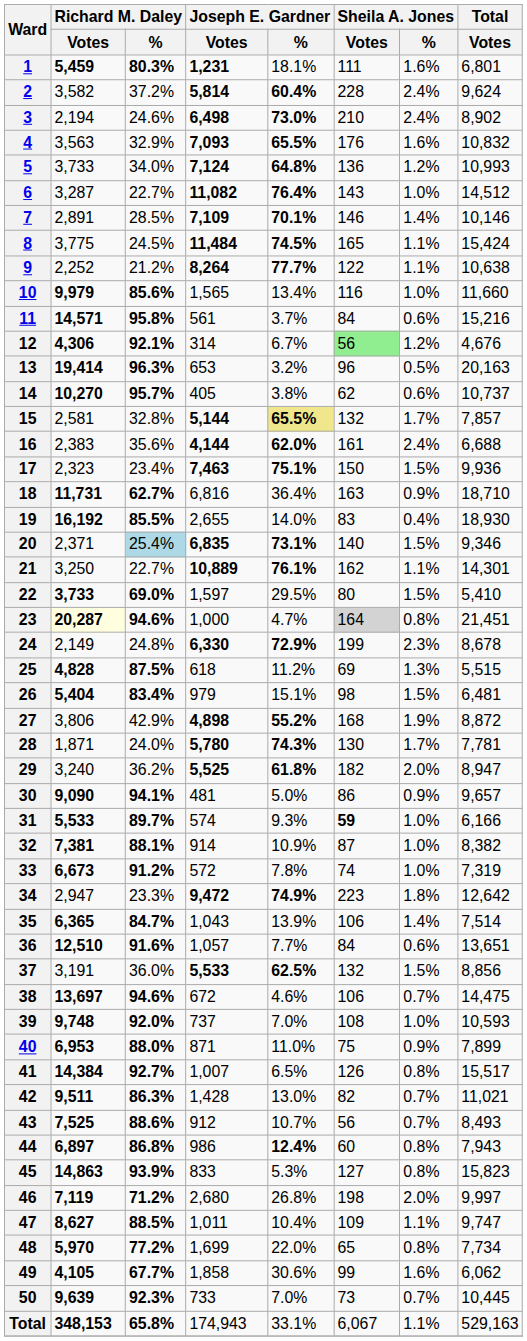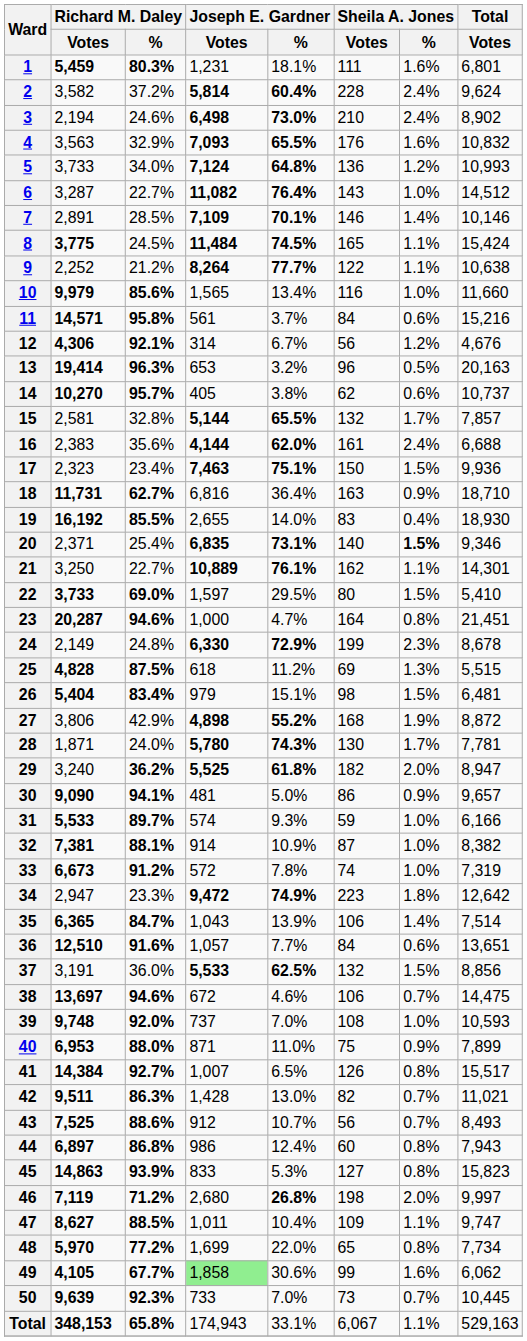 <table class="wikitable collapsible collapsed sortable">
 <tr>
 <th rowspan=2>Ward</th>
 <th colspan=2>Richard M. Daley</th>
 <th colspan=2>Joseph E. Gardner</th>
 <th colspan=2>Sheila A. Jones</th>
 <th>Total</th>
 </tr>
 <tr>
 <th>Votes</th>
 <th>%</th>
 <th>Votes</th>
 <th>%</th>
 <th>Votes</th>
 <th>%</th>
 <th>Votes</th>
 </tr>
 <tr>
 <th><a href='#'>1</a></th>
 <td><strong>5,459</strong></td>
 <td><strong>80.3%</strong></td>
-<td><strong>1,231</strong></td>
+<td>1,231</td>
 <td>18.1%</td>
 <td>111</td>
 <td>1.6%</td>
 <td>6,801</td>
 </tr>
 <tr>
 <th><a href='#'>2</a></th>
 <td>3,582</td>
 <td>37.2%</td>
 <td><strong>5,814</strong></td>
 <td><strong>60.4%</strong></td>
 <td>228</td>
 <td>2.4%</td>
 <td>9,624</td>
 </tr>
 <tr>
 <th><a href='#'>3</a></th>
 <td>2,194</td>
 <td>24.6%</td>
 <td><strong>6,498</strong></td>
 <td><strong>73.0%</strong></td>
 <td>210</td>
 <td>2.4%</td>
 <td>8,902</td>
 </tr>
 <tr>
 <th><a href='#'>4</a></th>
 <td>3,563</td>
 <td>32.9%</td>
 <td><strong>7,093</strong></td>
 <td><strong>65.5%</strong></td>
 <td>176</td>
 <td>1.6%</td>
 <td>10,832</td>
 </tr>
 <tr>
 <th><a href='#'>5</a></th>
 <td>3,733</td>
 <td>34.0%</td>
 <td><strong>7,124</strong></td>
 <td><strong>64.8%</strong></td>
 <td>136</td>
 <td>1.2%</td>
 <td>10,993</td>
 </tr>
 <tr>
 <th><a href='#'>6</a></th>
 <td>3,287</td>
 <td>22.7%</td>
 <td><strong>11,082</strong></td>
 <td><strong>76.4%</strong></td>
 <td>143</td>
 <td>1.0%</td>
 <td>14,512</td>
 </tr>
 <tr>
 <th><a href='#'>7</a></th>
 <td>2,891</td>
 <td>28.5%</td>
 <td><strong>7,109</strong></td>
 <td><strong>70.1%</strong></td>
 <td>146</td>
 <td>1.4%</td>
 <td>10,146</td>
 </tr>
 <tr>
 <th><a href='#'>8</a></th>
-<td>3,775</td>
+<td><strong>3,775</strong></td>
 <td>24.5%</td>
 <td><strong>11,484</strong></td>
 <td><strong>74.5%</strong></td>
 <td>165</td>
 <td>1.1%</td>
 <td>15,424</td>
 </tr>
 <tr>
 <th><a href='#'>9</a></th>
 <td>2,252</td>
 <td>21.2%</td>
 <td><strong>8,264</strong></td>
 <td><strong>77.7%</strong></td>
 <td>122</td>
 <td>1.1%</td>
 <td>10,638</td>
 </tr>
 <tr>
 <th><a href='#'>10</a></th>
 <td><strong>9,979</strong></td>
 <td><strong>85.6%</strong></td>
 <td>1,565</td>
 <td>13.4%</td>
 <td>116</td>
 <td>1.0%</td>
 <td>11,660</td>
 </tr>
 <tr>
 <th><a href='#'>11</a></th>
 <td><strong>14,571</strong></td>
 <td><strong>95.8%</strong></td>
 <td>561</td>
 <td>3.7%</td>
 <td>84</td>
 <td>0.6%</td>
 <td>15,216</td>
 </tr>
 <tr>
 <th>12</th>
 <td><strong>4,306</strong></td>
 <td><strong>92.1%</strong></td>
 <td>314</td>
 <td>6.7%</td>
-<td style="background: lightgreen;">56</td>
+<td>56</td>
 <td>1.2%</td>
 <td>4,676</td>
 </tr>
 <tr>
 <th>13</th>
 <td><strong>19,414</strong></td>
 <td><strong>96.3%</strong></td>
 <td>653</td>
 <td>3.2%</td>
 <td>96</td>
 <td>0.5%</td>
 <td>20,163</td>
 </tr>
 <tr>
 <th>14</th>
 <td><strong>10,270</strong></td>
 <td><strong>95.7%</strong></td>
 <td>405</td>
 <td>3.8%</td>
 <td>62</td>
 <td>0.6%</td>
 <td>10,737</td>
 </tr>
 <tr>
 <th>15</th>
 <td>2,581</td>
 <td>32.8%</td>
 <td><strong>5,144</strong></td>
-<td style="background: khaki;"><strong>65.5%</strong></td>
+<td><strong>65.5%</strong></td>
 <td>132</td>
 <td>1.7%</td>
 <td>7,857</td>
 </tr>
 <tr>
 <th>16</th>
 <td>2,383</td>
 <td>35.6%</td>
 <td><strong>4,144</strong></td>
 <td><strong>62.0%</strong></td>
 <td>161</td>
 <td>2.4%</td>
 <td>6,688</td>
 </tr>
 <tr>
 <th>17</th>
 <td>2,323</td>
 <td>23.4%</td>
 <td><strong>7,463</strong></td>
 <td><strong>75.1%</strong></td>
 <td>150</td>
 <td>1.5%</td>
 <td>9,936</td>
 </tr>
 <tr>
 <th>18</th>
 <td><strong>11,731</strong></td>
 <td><strong>62.7%</strong></td>
 <td>6,816</td>
 <td>36.4%</td>
 <td>163</td>
 <td>0.9%</td>
 <td>18,710</td>
 </tr>
 <tr>
 <th>19</th>
 <td><strong>16,192</strong></td>
 <td><strong>85.5%</strong></td>
 <td>2,655</td>
 <td>14.0%</td>
 <td>83</td>
 <td>0.4%</td>
 <td>18,930</td>
 </tr>
 <tr>
 <th>20</th>
 <td>2,371</td>
-<td style="background: lightblue;">25.4%</td>
+<td>25.4%</td>
 <td><strong>6,835</strong></td>
 <td><strong>73.1%</strong></td>
 <td>140</td>
-<td>1.5%</td>
+<td><strong>1.5%</strong></td>
 <td>9,346</td>
 </tr>
 <tr>
 <th>21</th>
 <td>3,250</td>
 <td>22.7%</td>
 <td><strong>10,889</strong></td>
 <td><strong>76.1%</strong></td>
 <td>162</td>
 <td>1.1%</td>
 <td>14,301</td>
 </tr>
 <tr>
 <th>22</th>
 <td><strong>3,733</strong></td>
 <td><strong>69.0%</strong></td>
 <td>1,597</td>
 <td>29.5%</td>
 <td>80</td>
 <td>1.5%</td>
 <td>5,410</td>
 </tr>
 <tr>
 <th>23</th>
-<td style="background: lightyellow;"><strong>20,287</strong></td>
+<td><strong>20,287</strong></td>
 <td><strong>94.6%</strong></td>
 <td>1,000</td>
 <td>4.7%</td>
-<td style="background: lightgrey;">164</td>
+<td>164</td>
 <td>0.8%</td>
 <td>21,451</td>
 </tr>
 <tr>
 <th>24</th>
 <td>2,149</td>
 <td>24.8%</td>
 <td><strong>6,330</strong></td>
 <td><strong>72.9%</strong></td>
 <td>199</td>
 <td>2.3%</td>
 <td>8,678</td>
 </tr>
 <tr>
 <th>25</th>
 <td><strong>4,828</strong></td>
 <td><strong>87.5%</strong></td>
 <td>618</td>
 <td>11.2%</td>
 <td>69</td>
 <td>1.3%</td>
 <td>5,515</td>
 </tr>
 <tr>
 <th>26</th>
 <td><strong>5,404</strong></td>
 <td><strong>83.4%</strong></td>
 <td>979</td>
 <td>15.1%</td>
 <td>98</td>
 <td>1.5%</td>
 <td>6,481</td>
 </tr>
 <tr>
 <th>27</th>
 <td>3,806</td>
 <td>42.9%</td>
 <td><strong>4,898</strong></td>
 <td><strong>55.2%</strong></td>
 <td>168</td>
 <td>1.9%</td>
 <td>8,872</td>
 </tr>
 <tr>
 <th>28</th>
 <td>1,871</td>
 <td>24.0%</td>
 <td><strong>5,780</strong></td>
 <td><strong>74.3%</strong></td>
 <td>130</td>
 <td>1.7%</td>
 <td>7,781</td>
 </tr>
 <tr>
 <th>29</th>
 <td>3,240</td>
-<td>36.2%</td>
+<td><strong>36.2%</strong></td>
 <td><strong>5,525</strong></td>
 <td><strong>61.8%</strong></td>
 <td>182</td>
 <td>2.0%</td>
 <td>8,947</td>
 </tr>
 <tr>
 <th>30</th>
 <td><strong>9,090</strong></td>
 <td><strong>94.1%</strong></td>
 <td>481</td>
 <td>5.0%</td>
 <td>86</td>
 <td>0.9%</td>
 <td>9,657</td>
 </tr>
 <tr>
 <th>31</th>
 <td><strong>5,533</strong></td>
 <td><strong>89.7%</strong></td>
 <td>574</td>
 <td>9.3%</td>
-<td><strong>59</strong></td>
+<td>59</td>
 <td>1.0%</td>
 <td>6,166</td>
 </tr>
 <tr>
 <th>32</th>
 <td><strong>7,381</strong></td>
 <td><strong>88.1%</strong></td>
 <td>914</td>
 <td>10.9%</td>
 <td>87</td>
 <td>1.0%</td>
 <td>8,382</td>
 </tr>
 <tr>
 <th>33</th>
 <td><strong>6,673</strong></td>
 <td><strong>91.2%</strong></td>
 <td>572</td>
 <td>7.8%</td>
 <td>74</td>
 <td>1.0%</td>
 <td>7,319</td>
 </tr>
 <tr>
 <th>34</th>
 <td>2,947</td>
 <td>23.3%</td>
 <td><strong>9,472</strong></td>
 <td><strong>74.9%</strong></td>
 <td>223</td>
 <td>1.8%</td>
 <td>12,642</td>
 </tr>
 <tr>
 <th>35</th>
 <td><strong>6,365</strong></td>
 <td><strong>84.7%</strong></td>
 <td>1,043</td>
 <td>13.9%</td>
 <td>106</td>
 <td>1.4%</td>
 <td>7,514</td>
 </tr>
 <tr>
 <th>36</th>
 <td><strong>12,510</strong></td>
 <td><strong>91.6%</strong></td>
 <td>1,057</td>
 <td>7.7%</td>
 <td>84</td>
 <td>0.6%</td>
 <td>13,651</td>
 </tr>
 <tr>
 <th>37</th>
 <td>3,191</td>
 <td>36.0%</td>
 <td><strong>5,533</strong></td>
 <td><strong>62.5%</strong></td>
 <td>132</td>
 <td>1.5%</td>
 <td>8,856</td>
 </tr>
 <tr>
 <th>38</th>
 <td><strong>13,697</strong></td>
 <td><strong>94.6%</strong></td>
 <td>672</td>
 <td>4.6%</td>
 <td>106</td>
 <td>0.7%</td>
 <td>14,475</td>
 </tr>
 <tr>
 <th>39</th>
 <td><strong>9,748</strong></td>
 <td><strong>92.0%</strong></td>
 <td>737</td>
 <td>7.0%</td>
 <td>108</td>
 <td>1.0%</td>
 <td>10,593</td>
 </tr>
 <tr>
 <th><a href='#'>40</a></th>
 <td><strong>6,953</strong></td>
 <td><strong>88.0%</strong></td>
 <td>871</td>
 <td>11.0%</td>
 <td>75</td>
 <td>0.9%</td>
 <td>7,899</td>
 </tr>
 <tr>
 <th>41</th>
 <td><strong>14,384</strong></td>
 <td><strong>92.7%</strong></td>
 <td>1,007</td>
 <td>6.5%</td>
 <td>126</td>
 <td>0.8%</td>
 <td>15,517</td>
 </tr>
 <tr>
 <th>42</th>
 <td><strong>9,511</strong></td>
 <td><strong>86.3%</strong></td>
 <td>1,428</td>
 <td>13.0%</td>
 <td>82</td>
 <td>0.7%</td>
 <td>11,021</td>
 </tr>
 <tr>
 <th>43</th>
 <td><strong>7,525</strong></td>
 <td><strong>88.6% </strong></td>
 <td>912</td>
 <td>10.7%</td>
 <td>56</td>
 <td>0.7%</td>
 <td>8,493</td>
 </tr>
 <tr>
 <th>44</th>
 <td><strong>6,897</strong></td>
 <td><strong>86.8%</strong></td>
 <td>986</td>
-<td><strong>12.4%</strong></td>
+<td>12.4%</td>
 <td>60</td>
 <td>0.8%</td>
 <td>7,943</td>
 </tr>
 <tr>
 <th>45</th>
 <td><strong>14,863</strong></td>
 <td><strong>93.9%</strong></td>
 <td>833</td>
 <td>5.3%</td>
 <td>127</td>
 <td>0.8%</td>
 <td>15,823</td>
 </tr>
 <tr>
 <th>46</th>
 <td><strong>7,119</strong></td>
 <td><strong>71.2%</strong></td>
 <td>2,680</td>
-<td>26.8%</td>
+<td><strong>26.8%</strong></td>
 <td>198</td>
 <td>2.0%</td>
 <td>9,997</td>
 </tr>
 <tr>
 <th>47</th>
 <td><strong>8,627</strong></td>
 <td><strong>88.5%</strong></td>
 <td>1,011</td>
 <td>10.4%</td>
 <td>109</td>
 <td>1.1%</td>
 <td>9,747</td>
 </tr>
 <tr>
 <th>48</th>
 <td><strong>5,970</strong></td>
 <td><strong>77.2%</strong></td>
 <td>1,699</td>
 <td>22.0%</td>
 <td>65</td>
 <td>0.8%</td>
 <td>7,734</td>
 </tr>
 <tr>
 <th>49</th>
 <td><strong>4,105</strong></td>
 <td><strong>67.7%</strong></td>
-<td>1,858</td>
+<td style="background: lightgreen;">1,858</td>
 <td>30.6%</td>
 <td>99</td>
 <td>1.6%</td>
 <td>6,062</td>
 </tr>
 <tr>
 <th>50</th>
 <td><strong>9,639</strong></td>
 <td><strong>92.3%</strong></td>
 <td>733</td>
 <td>7.0%</td>
 <td>73</td>
 <td>0.7%</td>
 <td>10,445</td>
 </tr>
 <tr>
 <th>Total</th>
 <td><strong>348,153</strong></td>
 <td><strong>65.8%</strong></td>
 <td>174,943</td>
 <td>33.1%</td>
 <td>6,067</td>
 <td>1.1%</td>
 <td>529,163</td>
 </tr>
 <tr>
 </tr>
 </table>
